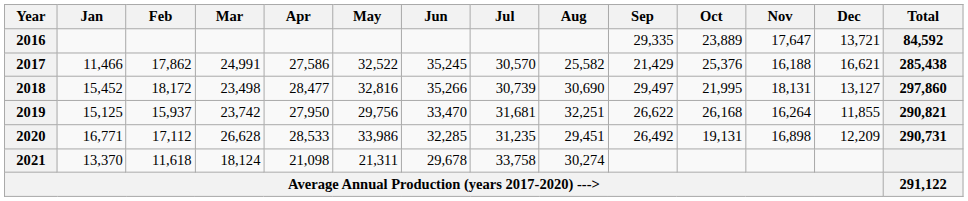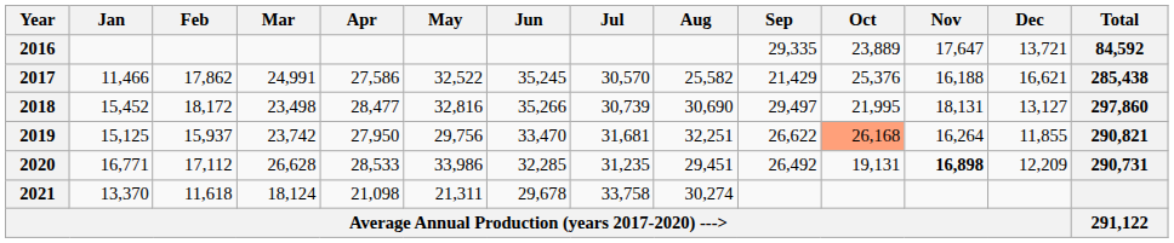 <table class=wikitable style="text-align:right; font-size:0.9em; width:950px;">
 <tr>
 <th>Year</th>
 <th>Jan</th>
 <th>Feb</th>
 <th>Mar</th>
 <th>Apr</th>
 <th>May</th>
 <th>Jun</th>
 <th>Jul</th>
 <th>Aug</th>
 <th>Sep</th>
 <th>Oct</th>
 <th>Nov</th>
 <th>Dec</th>
 <th>Total</th>
 </tr>
 <tr>
 <th>2016</th>
 <td></td>
 <td></td>
 <td></td>
 <td></td>
 <td></td>
 <td></td>
 <td></td>
 <td></td>
 <td>29,335</td>
 <td>23,889</td>
 <td>17,647</td>
 <td>13,721</td>
 <th>84,592</th>
 </tr>
 <tr>
 <th>2017</th>
 <td>11,466</td>
 <td>17,862</td>
 <td>24,991</td>
 <td>27,586</td>
 <td>32,522</td>
 <td>35,245</td>
 <td>30,570</td>
 <td>25,582</td>
 <td>21,429</td>
 <td>25,376</td>
 <td>16,188</td>
 <td>16,621</td>
 <th>285,438</th>
 </tr>
 <tr>
 <th>2018</th>
 <td>15,452</td>
 <td>18,172</td>
 <td>23,498</td>
 <td>28,477</td>
 <td>32,816</td>
 <td>35,266</td>
 <td>30,739</td>
 <td>30,690</td>
 <td>29,497</td>
 <td>21,995</td>
 <td>18,131</td>
 <td>13,127</td>
 <th>297,860</th>
 </tr>
 <tr>
 <th>2019</th>
 <td>15,125</td>
 <td>15,937</td>
 <td>23,742</td>
 <td>27,950</td>
 <td>29,756</td>
 <td>33,470</td>
 <td>31,681</td>
 <td>32,251</td>
 <td>26,622</td>
-<td>26,168</td>
+<td style="background: lightsalmon;">26,168</td>
 <td>16,264</td>
 <td>11,855</td>
 <th>290,821</th>
 </tr>
 <tr>
 <th>2020</th>
 <td>16,771</td>
 <td>17,112</td>
 <td>26,628</td>
 <td>28,533</td>
 <td>33,986</td>
 <td>32,285</td>
 <td>31,235</td>
 <td>29,451</td>
 <td>26,492</td>
 <td>19,131</td>
-<td>16,898</td>
+<td><strong>16,898</strong></td>
 <td>12,209</td>
 <th>290,731</th>
 </tr>
 <tr>
 <th>2021</th>
 <td>13,370</td>
 <td>11,618</td>
 <td>18,124</td>
 <td>21,098</td>
 <td>21,311</td>
 <td>29,678</td>
 <td>33,758</td>
 <td>30,274</td>
 <td></td>
 <td></td>
 <td></td>
 <td></td>
 <th></th>
 </tr>
 <tr>
 <th colspan=13>Average Annual Production (years 2017-2020) ---></th>
 <th>291,122</th>
 </tr>
 </table>
